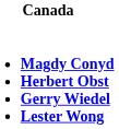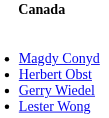 <table>
 <tr>
 <th>Canada</th>
 </tr>
 <tr>
-<td><strong><br><ul><li><a href='#'>Magdy Conyd</a></li><li><a href='#'>Herbert Obst</a></li><li><a href='#'>Gerry Wiedel</a></li><li><a href='#'>Lester Wong</a></li></ul></strong></td>
+<td><br><ul><li><a href='#'>Magdy Conyd</a></li><li><a href='#'>Herbert Obst</a></li><li><a href='#'>Gerry Wiedel</a></li><li><a href='#'>Lester Wong</a></li></ul></td>
 </tr>
 </table>
